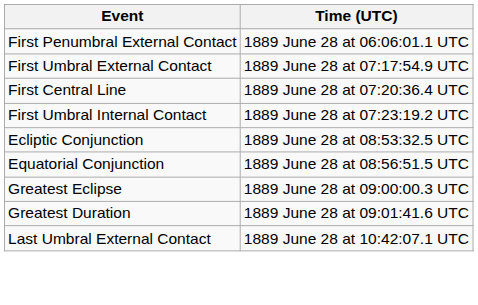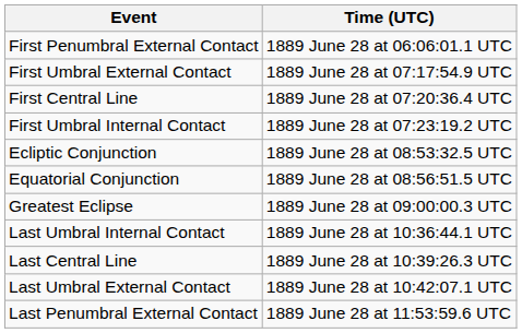 <table class="wikitable">
 <tr>
 <th>Event</th>
 <th>Time (UTC)</th>
 </tr>
 <tr>
 <td>First Penumbral External Contact</td>
 <td>1889 June 28 at 06:06:01.1 UTC</td>
 </tr>
 <tr>
 <td>First Umbral External Contact</td>
 <td>1889 June 28 at 07:17:54.9 UTC</td>
 </tr>
 <tr>
 <td>First Central Line</td>
 <td>1889 June 28 at 07:20:36.4 UTC</td>
 </tr>
 <tr>
 <td>First Umbral Internal Contact</td>
 <td>1889 June 28 at 07:23:19.2 UTC</td>
 </tr>
 <tr>
 <td>Ecliptic Conjunction</td>
 <td>1889 June 28 at 08:53:32.5 UTC</td>
 </tr>
 <tr>
 <td>Equatorial Conjunction</td>
 <td>1889 June 28 at 08:56:51.5 UTC</td>
 </tr>
 <tr>
 <td>Greatest Eclipse</td>
 <td>1889 June 28 at 09:00:00.3 UTC</td>
 </tr>
 <tr>
-<td>Greatest Duration</td>
-<td>1889 June 28 at 09:01:41.6 UTC</td>
+<td>Last Umbral Internal Contact</td>
+<td>1889 June 28 at 10:36:44.1 UTC</td>
+</tr>
+<tr>
+<td>Last Central Line</td>
+<td>1889 June 28 at 10:39:26.3 UTC</td>
 </tr>
 <tr>
 <td>Last Umbral External Contact</td>
 <td>1889 June 28 at 10:42:07.1 UTC</td>
 </tr>
+<tr>
+<td>Last Penumbral External Contact</td>
+<td>1889 June 28 at 11:53:59.6 UTC</td>
+</tr>
 </table>
